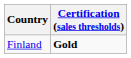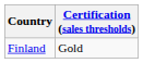 <table class="wikitable sortable">
 <tr>
 <th>Country</th>
 <th><a href='#'>Certification</a><br>(<small><a href='#'>sales thresholds</a></small>)</th>
 </tr>
 <tr>
 <td><a href='#'>Finland</a></td>
-<td><strong>Gold</strong></td>
+<td>Gold</td>
 </tr>
 </table>
